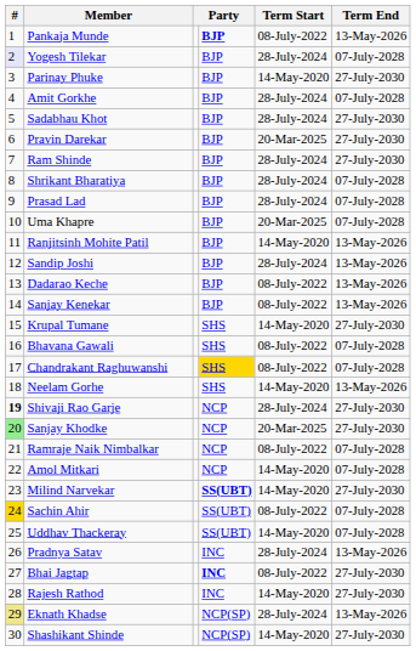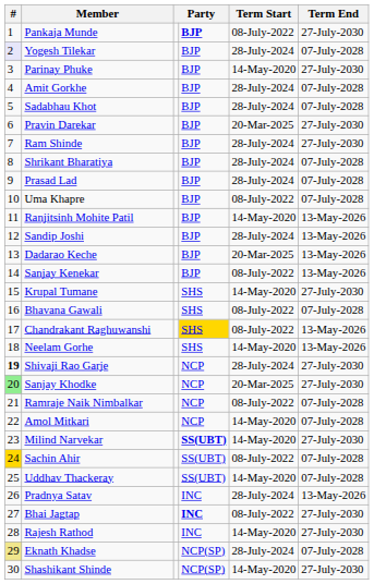 <table class="wikitable sortable">
 <tr>
 <th>#</th>
 <th style="width:200px">Member</th>
 <th colspan="2">Party</th>
 <th>Term Start</th>
 <th>Term End</th>
 </tr>
 <tr>
 <td>1</td>
 <td><a href='#'>Pankaja Munde</a></td>
 <td style="background-color: "></td>
 <td><strong><a href='#'>BJP</a></strong></td>
 <td>08-July-2022</td>
-<td>13-May-2026</td>
+<td>27-July-2030</td>
 </tr>
 <tr>
 <td style="background: lavender;">2</td>
 <td><a href='#'>Yogesh Tilekar</a></td>
 <td style="background-color: "></td>
 <td><a href='#'>BJP</a></td>
 <td>28-July-2024</td>
 <td>07-July-2028</td>
 </tr>
 <tr>
 <td>3</td>
 <td><a href='#'>Parinay Phuke</a></td>
 <td style="background-color: "></td>
 <td><a href='#'>BJP</a></td>
 <td>14-May-2020</td>
 <td>27-July-2030</td>
 </tr>
 <tr>
 <td>4</td>
 <td><a href='#'>Amit Gorkhe</a></td>
 <td style="background-color: "></td>
 <td><a href='#'>BJP</a></td>
 <td>28-July-2024</td>
 <td>07-July-2028</td>
 </tr>
 <tr>
 <td>5</td>
 <td><a href='#'>Sadabhau Khot</a></td>
 <td style="background-color: "></td>
 <td><a href='#'>BJP</a></td>
 <td>28-July-2024</td>
-<td>27-July-2030</td>
+<td>07-July-2028</td>
 </tr>
 <tr>
 <td>6</td>
 <td><a href='#'>Pravin Darekar</a></td>
 <td style="background-color: "></td>
 <td><a href='#'>BJP</a></td>
 <td>20-Mar-2025</td>
 <td>27-July-2030</td>
 </tr>
 <tr>
 <td>7</td>
 <td><a href='#'>Ram Shinde</a></td>
 <td style="background-color: "></td>
 <td><a href='#'>BJP</a></td>
 <td>28-July-2024</td>
 <td>27-July-2030</td>
 </tr>
 <tr>
 <td>8</td>
 <td><a href='#'>Shrikant Bharatiya</a></td>
 <td style="background-color: "></td>
 <td><a href='#'>BJP</a></td>
 <td>28-July-2024</td>
 <td>07-July-2028</td>
 </tr>
 <tr>
 <td>9</td>
 <td><a href='#'>Prasad Lad</a></td>
 <td style="background-color: "></td>
 <td><a href='#'>BJP</a></td>
 <td>28-July-2024</td>
 <td>07-July-2028</td>
 </tr>
 <tr>
 <td>10</td>
 <td>Uma Khapre</td>
 <td style="background-color: "></td>
 <td><a href='#'>BJP</a></td>
-<td>20-Mar-2025</td>
+<td>08-July-2022</td>
 <td>07-July-2028</td>
 </tr>
 <tr>
 <td>11</td>
 <td><a href='#'>Ranjitsinh Mohite Patil</a></td>
 <td style="background-color: "></td>
 <td><a href='#'>BJP</a></td>
 <td>14-May-2020</td>
 <td>13-May-2026</td>
 </tr>
 <tr>
 <td>12</td>
 <td><a href='#'>Sandip Joshi</a></td>
 <td style="background-color: "></td>
 <td><a href='#'>BJP</a></td>
 <td>28-July-2024</td>
 <td>13-May-2026</td>
 </tr>
 <tr>
 <td>13</td>
 <td><a href='#'>Dadarao Keche</a></td>
 <td style="background-color: "></td>
 <td><a href='#'>BJP</a></td>
-<td>08-July-2022</td>
+<td>20-Mar-2025</td>
 <td>13-May-2026</td>
 </tr>
 <tr>
 <td>14</td>
 <td><a href='#'>Sanjay Kenekar</a></td>
 <td style="background-color: "></td>
 <td><a href='#'>BJP</a></td>
 <td>08-July-2022</td>
 <td>13-May-2026</td>
 </tr>
 <tr>
 <td>15</td>
 <td><a href='#'>Krupal Tumane</a></td>
 <td style="background-color: "></td>
 <td><a href='#'>SHS</a></td>
 <td>14-May-2020</td>
 <td>27-July-2030</td>
 </tr>
 <tr>
 <td>16</td>
 <td><a href='#'>Bhavana Gawali</a></td>
 <td style="background-color: "></td>
 <td><a href='#'>SHS</a></td>
 <td>08-July-2022</td>
 <td>07-July-2028</td>
 </tr>
 <tr>
 <td>17</td>
 <td><a href='#'>Chandrakant Raghuwanshi</a></td>
 <td style="background-color: "></td>
 <td style="background: gold;"><a href='#'>SHS</a></td>
 <td>08-July-2022</td>
-<td>07-July-2028</td>
+<td>13-May-2026</td>
 </tr>
 <tr>
 <td>18</td>
 <td><a href='#'>Neelam Gorhe</a></td>
 <td style="background-color: "></td>
 <td><a href='#'>SHS</a></td>
 <td>14-May-2020</td>
 <td>13-May-2026</td>
 </tr>
 <tr>
 <td><strong>19</strong></td>
 <td><a href='#'>Shivaji Rao Garje</a></td>
 <td style="background-color: "></td>
 <td><a href='#'>NCP</a></td>
 <td>28-July-2024</td>
 <td>27-July-2030</td>
 </tr>
 <tr>
 <td style="background: lightgreen;">20</td>
 <td><a href='#'>Sanjay Khodke</a></td>
 <td style="background-color: "></td>
 <td><a href='#'>NCP</a></td>
 <td>20-Mar-2025</td>
 <td>27-July-2030</td>
 </tr>
 <tr>
 <td>21</td>
 <td><a href='#'>Ramraje Naik Nimbalkar</a></td>
 <td style="background-color: "></td>
 <td><a href='#'>NCP</a></td>
 <td>08-July-2022</td>
 <td>07-July-2028</td>
 </tr>
 <tr>
 <td>22</td>
 <td><a href='#'>Amol Mitkari</a></td>
 <td style="background-color: "></td>
 <td><a href='#'>NCP</a></td>
 <td>14-May-2020</td>
 <td>07-July-2028</td>
 </tr>
 <tr>
 <td>23</td>
 <td><a href='#'>Milind Narvekar</a></td>
 <td style="background-color: "></td>
 <td><strong><a href='#'>SS(UBT)</a></strong></td>
 <td>14-May-2020</td>
 <td>27-July-2030</td>
 </tr>
 <tr>
 <td style="background: gold;">24</td>
 <td><a href='#'>Sachin Ahir</a></td>
 <td style="background-color: "></td>
 <td><a href='#'>SS(UBT)</a></td>
 <td>08-July-2022</td>
 <td>07-July-2028</td>
 </tr>
 <tr>
 <td>25</td>
 <td><a href='#'>Uddhav Thackeray</a></td>
 <td style="background-color: "></td>
 <td><a href='#'>SS(UBT)</a></td>
 <td>14-May-2020</td>
 <td>07-July-2028</td>
 </tr>
 <tr>
 <td>26</td>
 <td><a href='#'>Pradnya Satav</a></td>
 <td style="background-color: "></td>
 <td><a href='#'>INC</a></td>
 <td>28-July-2024</td>
 <td>13-May-2026</td>
 </tr>
 <tr>
 <td>27</td>
 <td><a href='#'>Bhai Jagtap</a></td>
 <td style="background-color: "></td>
 <td><strong><a href='#'>INC</a></strong></td>
 <td>08-July-2022</td>
 <td>27-July-2030</td>
 </tr>
 <tr>
 <td>28</td>
 <td><a href='#'>Rajesh Rathod</a></td>
 <td style="background-color: "></td>
 <td><a href='#'>INC</a></td>
 <td>14-May-2020</td>
 <td>27-July-2030</td>
 </tr>
 <tr>
 <td style="background: khaki;">29</td>
 <td><a href='#'>Eknath Khadse</a></td>
 <td style="background-color: "></td>
 <td><a href='#'>NCP(SP)</a></td>
 <td>28-July-2024</td>
-<td>13-May-2026</td>
+<td>07-July-2028</td>
 </tr>
 <tr>
 <td>30</td>
 <td><a href='#'>Shashikant Shinde</a></td>
 <td style="background-color: "></td>
 <td><a href='#'>NCP(SP)</a></td>
 <td>14-May-2020</td>
 <td>27-July-2030</td>
 </tr>
 </table>
